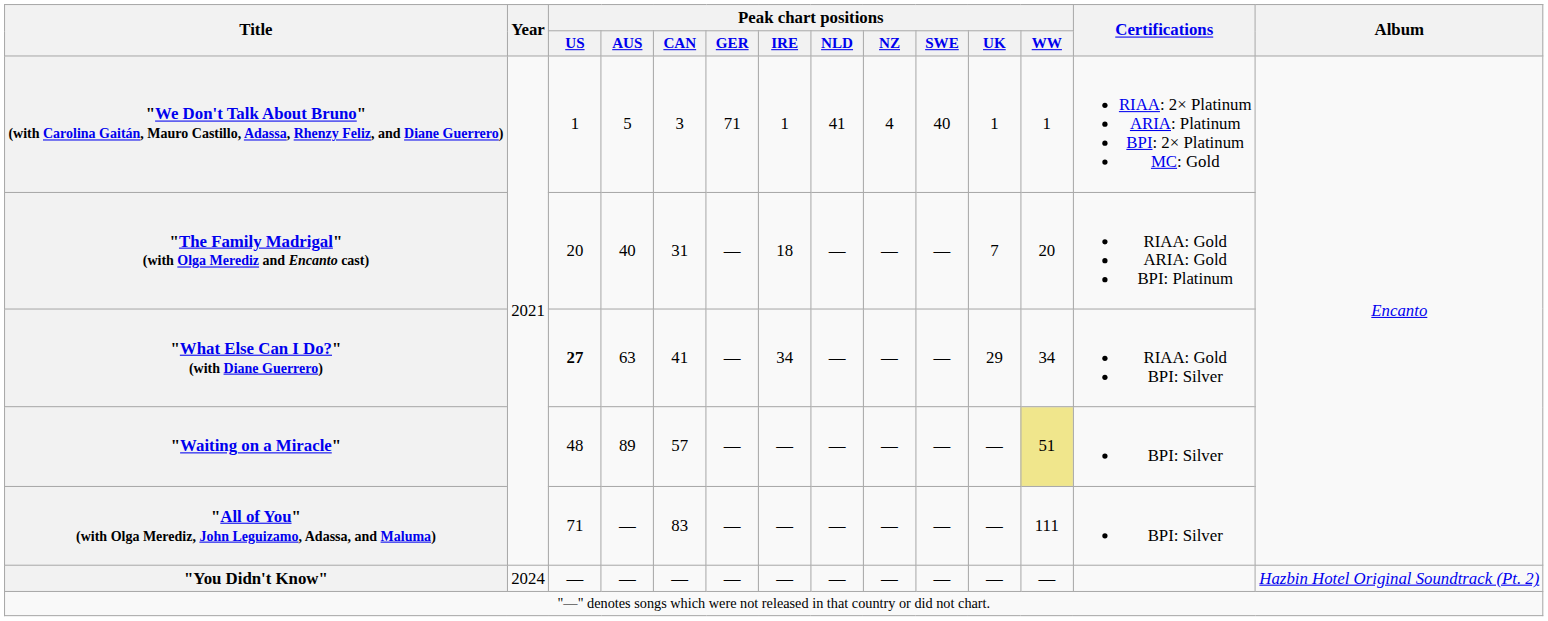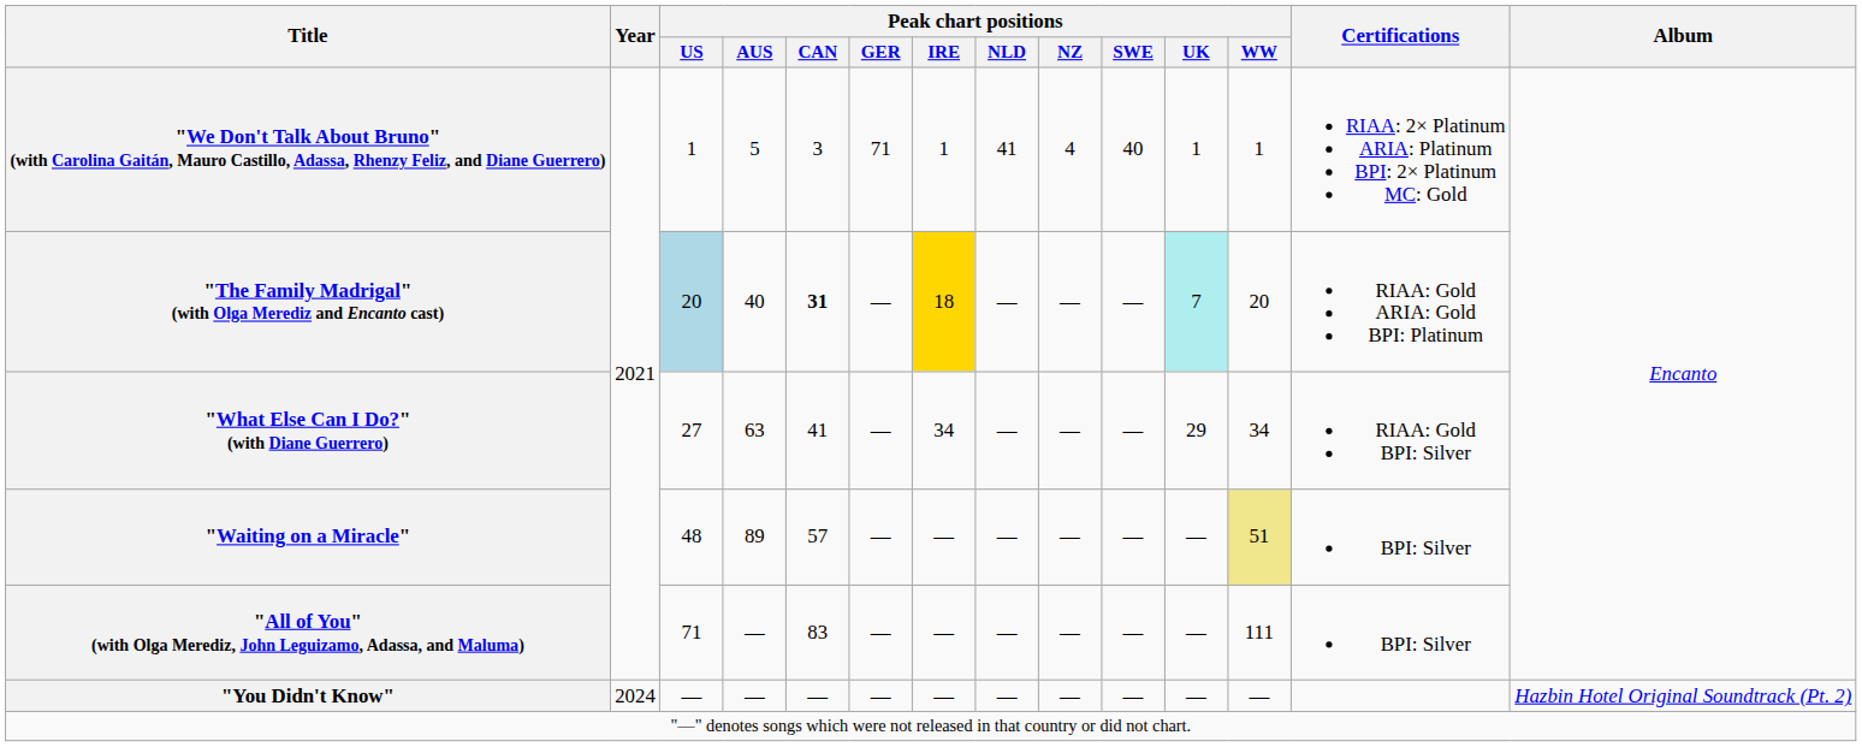 <table class="wikitable plainrowheaders" style="text-align:center;">
 <tr>
 <th scope="col" rowspan="2">Title</th>
 <th scope="col" rowspan="2">Year</th>
 <th scope="col" colspan="10">Peak chart positions</th>
 <th scope="col" rowspan="2"><a href='#'>Certifications</a></th>
 <th scope="col" rowspan="2">Album</th>
 </tr>
 <tr>
 <th scope="col" style="width:3em;font-size:90%;"><a href='#'>US</a><br></th>
 <th scope="col" style="width:3em;font-size:90%;"><a href='#'>AUS</a><br></th>
 <th scope="col" style="width:3em;font-size:90%;"><a href='#'>CAN</a><br></th>
 <th scope="col" style="width:3em;font-size:90%;"><a href='#'>GER</a><br></th>
 <th scope="col" style="width:3em;font-size:90%;"><a href='#'>IRE</a><br></th>
 <th scope="col" style="width:3em;font-size:90%;"><a href='#'>NLD</a><br></th>
 <th scope="col" style="width:3em;font-size:90%;"><a href='#'>NZ</a><br></th>
 <th scope="col" style="width:3em;font-size:90%;"><a href='#'>SWE</a><br></th>
 <th scope="col" style="width:3em;font-size:90%;"><a href='#'>UK</a><br></th>
 <th scope="col" style="width:3em;font-size:90%;"><a href='#'>WW</a><br></th>
 </tr>
 <tr>
 <th scope="row">"<a href='#'>We Don't Talk About Bruno</a>"<br><small>(with <a href='#'>Carolina Gaitán</a>, Mauro Castillo, <a href='#'>Adassa</a>, <a href='#'>Rhenzy Feliz</a>, and <a href='#'>Diane Guerrero</a>)</small></th>
 <td rowspan="5">2021</td>
 <td>1</td>
 <td>5</td>
 <td>3</td>
 <td>71</td>
 <td>1</td>
 <td>41</td>
 <td>4<br></td>
 <td>40<br></td>
 <td>1</td>
 <td>1</td>
 <td><br><ul><li><a href='#'>RIAA</a>: 2× Platinum</li><li><a href='#'>ARIA</a>: Platinum</li><li><a href='#'>BPI</a>: 2× Platinum</li><li><a href='#'>MC</a>: Gold</li></ul></td>
 <td rowspan="5"><em><a href='#'>Encanto</a></em></td>
 </tr>
 <tr>
 <th scope="row">"<a href='#'>The Family Madrigal</a>"<br><small>(with <a href='#'>Olga Merediz</a> and <em>Encanto</em> cast)</small></th>
-<td>20</td>
+<td style="background: lightblue;">20</td>
 <td>40</td>
-<td>31</td>
+<td><strong>31</strong></td>
 <td>—</td>
-<td>18</td>
+<td style="background: gold;">18</td>
 <td>—</td>
 <td>—</td>
 <td>—</td>
-<td>7</td>
+<td style="background: paleturquoise;">7</td>
 <td>20</td>
 <td><br><ul><li>RIAA: Gold</li><li>ARIA: Gold</li><li>BPI: Platinum</li></ul></td>
 </tr>
 <tr>
 <th scope="row">"<a href='#'>What Else Can I Do?</a>"<br><small>(with <a href='#'>Diane Guerrero</a>)</small></th>
-<td><strong>27</strong></td>
+<td>27</td>
 <td>63</td>
 <td>41</td>
 <td>—</td>
 <td>34</td>
 <td>—</td>
 <td>—</td>
 <td>—</td>
 <td>29</td>
 <td>34</td>
 <td><br><ul><li>RIAA: Gold</li><li>BPI: Silver</li></ul></td>
 </tr>
 <tr>
 <th scope="row">"<a href='#'>Waiting on a Miracle</a>"</th>
 <td>48</td>
 <td>89</td>
 <td>57</td>
 <td>—</td>
 <td>—</td>
 <td>—</td>
 <td>—</td>
 <td>—</td>
 <td>—</td>
 <td style="background: khaki;">51</td>
 <td><br><ul><li>BPI: Silver</li></ul></td>
 </tr>
 <tr>
 <th scope="row">"<a href='#'>All of You</a>"<br><small>(with Olga Merediz, <a href='#'>John Leguizamo</a>, Adassa, and <a href='#'>Maluma</a>)</small></th>
 <td>71</td>
 <td>—</td>
 <td>83</td>
 <td>—</td>
 <td>—</td>
 <td>—</td>
 <td>—</td>
 <td>—</td>
 <td>—</td>
 <td>111</td>
 <td><br><ul><li>BPI: Silver</li></ul></td>
 </tr>
 <tr>
 <th scope="row">"You Didn't Know"<br></th>
 <td>2024</td>
 <td>—</td>
 <td>—</td>
 <td>—</td>
 <td>—</td>
 <td>—</td>
 <td>—</td>
 <td>—</td>
 <td>—</td>
 <td>—</td>
 <td>—</td>
 <td></td>
 <td><em><a href='#'>Hazbin Hotel Original Soundtrack (Pt. 2)</a></em></td>
 </tr>
 <tr>
 <td colspan="14" style="font-size:85%;">"—" denotes songs which were not released in that country or did not chart.</td>
 </tr>
 </table>
